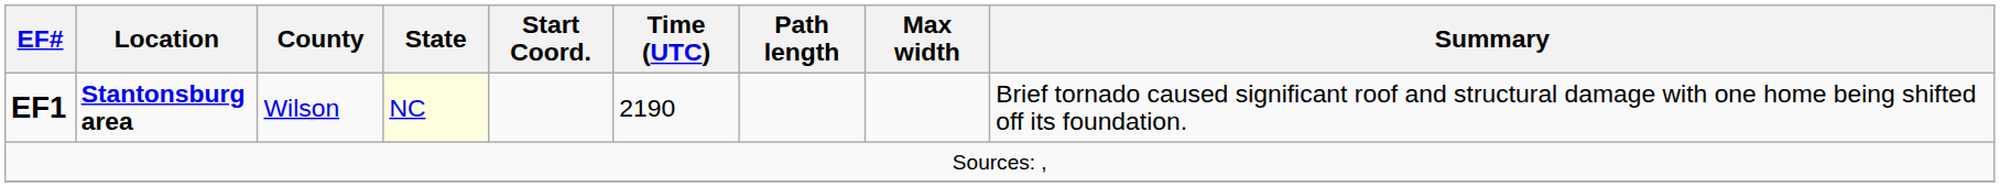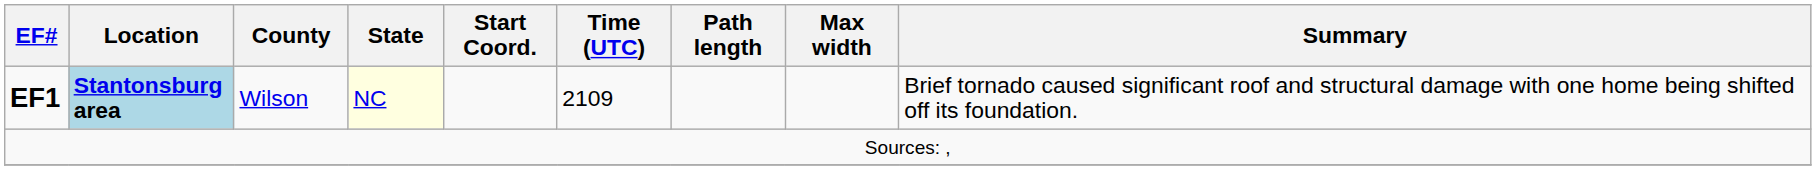 <table class="wikitable collapsible" width="100%">
 <tr>
 <th scope="col"  style="width:3%; text-align:center;"><a href='#'>EF#</a></th>
 <th scope="col"  style="width:7%; text-align:center;" class="unsortable">Location</th>
 <th scope="col"  style="width:6%; text-align:center;" class="unsortable">County</th>
 <th scope="col"  style="width:5%; text-align:center;">State</th>
 <th scope="col"  style="width:6%; text-align:center;">Start Coord.</th>
 <th scope="col"  style="width:6%; text-align:center;">Time (<a href='#'>UTC</a>)</th>
 <th scope="col"  style="width:6%; text-align:center;">Path length</th>
 <th scope="col"  style="width:6%; text-align:center;">Max width</th>
 <th scope="col" class="unsortable" style="width:48%; text-align:center;">Summary</th>
 </tr>
 <tr>
 <td><big><strong>EF1</strong></big></td>
-<td><strong><a href='#'>Stantonsburg</a> area</strong></td>
+<td style="background: lightblue;"><strong><a href='#'>Stantonsburg</a> area</strong></td>
 <td><a href='#'>Wilson</a></td>
 <td style="background: lightyellow;"><a href='#'>NC</a></td>
 <td></td>
-<td>2190</td>
+<td>2109</td>
 <td></td>
 <td></td>
 <td>Brief tornado caused significant roof and structural damage with one home being shifted off its foundation.</td>
 </tr>
 <tr>
 <td colspan="9" align=center><small>Sources: , </small></td>
 </tr>
 <tr>
 </tr>
 </table>
